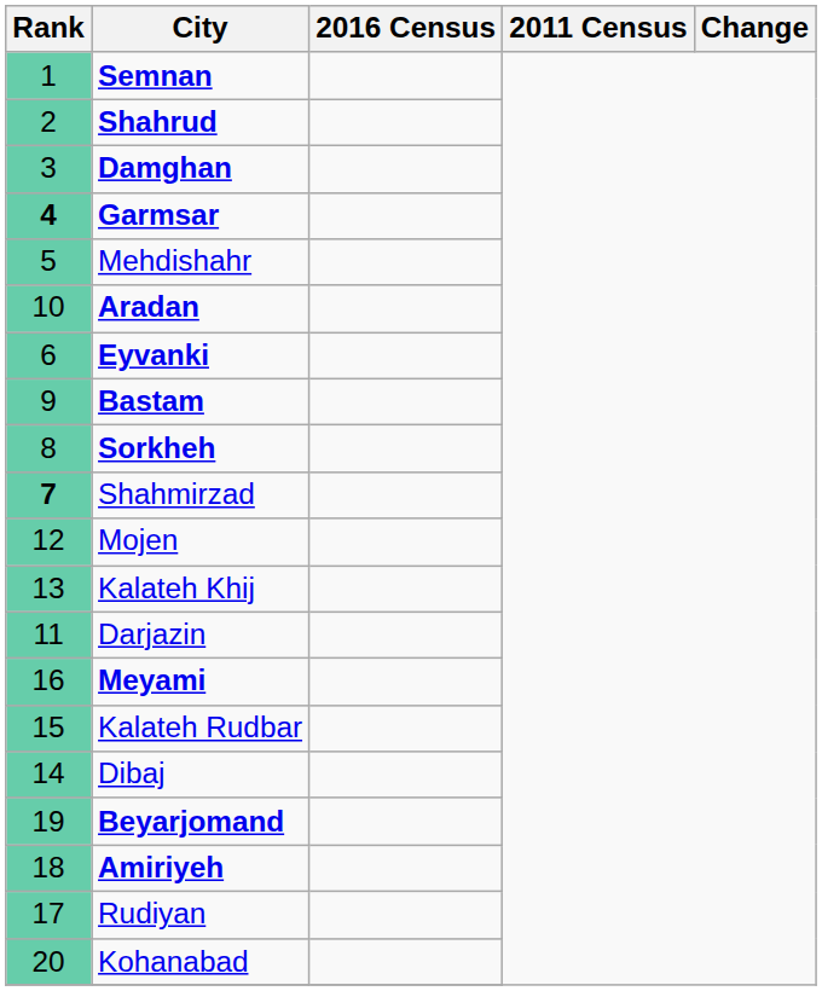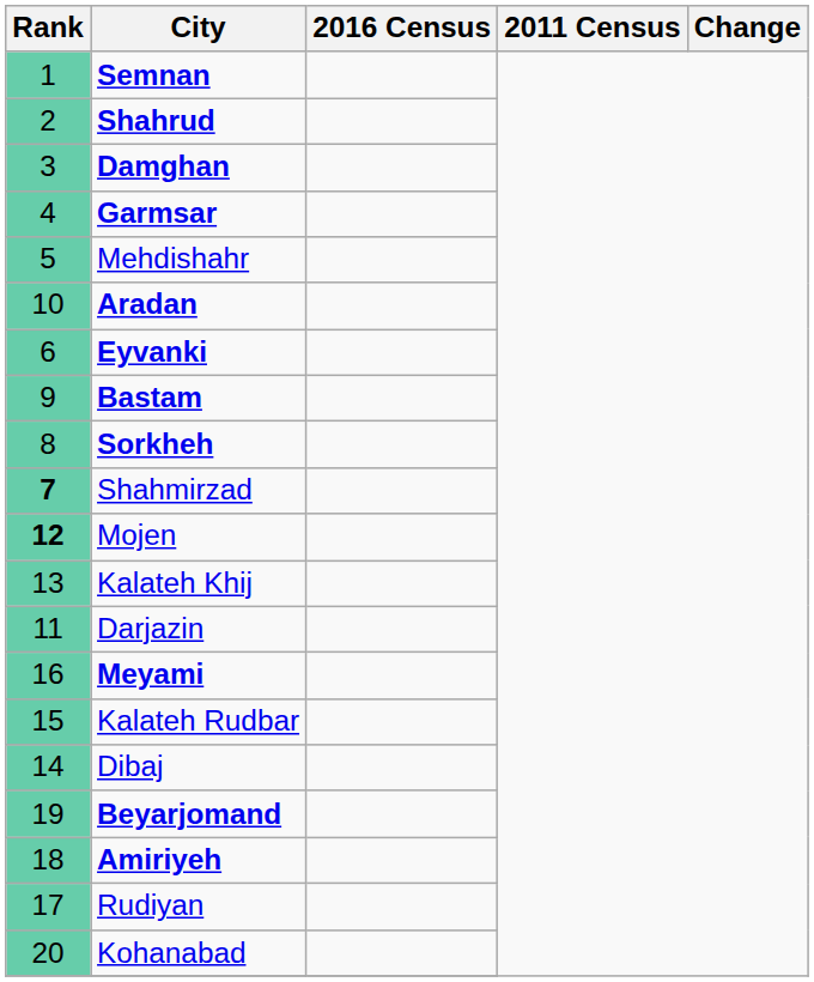 <table class="wikitable sortable">
 <tr>
 <th>Rank</th>
 <th>City</th>
 <th>2016 Census</th>
 <th>2011 Census</th>
 <th>Change</th>
 </tr>
 <tr>
 <td align=center bgcolor="66CDAA">1</td>
 <td><strong><a href='#'>Semnan</a></strong></td>
 <td></td>
 </tr>
 <tr>
 <td align=center bgcolor="66CDAA">2</td>
 <td><strong><a href='#'>Shahrud</a></strong></td>
 <td></td>
 </tr>
 <tr>
 <td align=center bgcolor="66CDAA">3</td>
 <td><strong><a href='#'>Damghan</a></strong></td>
 <td></td>
 </tr>
 <tr>
-<td align=center bgcolor="66CDAA"><strong>4</strong></td>
+<td align=center bgcolor="66CDAA">4</td>
 <td><strong><a href='#'>Garmsar</a></strong></td>
 <td></td>
 </tr>
 <tr>
 <td align=center bgcolor="66CDAA">5</td>
 <td><a href='#'>Mehdishahr</a></td>
 <td></td>
 </tr>
 <tr>
 <td align=center bgcolor="66CDAA">10</td>
 <td><strong><a href='#'>Aradan</a></strong></td>
 <td></td>
 </tr>
 <tr>
 <td align=center bgcolor="66CDAA">6</td>
 <td><strong><a href='#'>Eyvanki</a></strong></td>
 <td></td>
 </tr>
 <tr>
 <td align=center bgcolor="66CDAA">9</td>
 <td><strong><a href='#'>Bastam</a></strong></td>
 <td></td>
 </tr>
 <tr>
 <td align=center bgcolor="66CDAA">8</td>
 <td><strong><a href='#'>Sorkheh</a></strong></td>
 <td></td>
 </tr>
 <tr>
 <td align=center bgcolor="66CDAA"><strong>7</strong></td>
 <td><a href='#'>Shahmirzad</a></td>
 <td></td>
 </tr>
 <tr>
-<td align=center bgcolor="66CDAA">12</td>
+<td align=center bgcolor="66CDAA"><strong>12</strong></td>
 <td><a href='#'>Mojen</a></td>
 <td></td>
 </tr>
 <tr>
 <td align=center bgcolor="66CDAA">13</td>
 <td><a href='#'>Kalateh Khij</a></td>
 <td></td>
 </tr>
 <tr>
 <td align=center bgcolor="66CDAA">11</td>
 <td><a href='#'>Darjazin</a></td>
 <td></td>
 </tr>
 <tr>
 <td align=center bgcolor="66CDAA">16</td>
 <td><strong><a href='#'>Meyami</a></strong></td>
 <td></td>
 </tr>
 <tr>
 <td align=center bgcolor="66CDAA">15</td>
 <td><a href='#'>Kalateh Rudbar</a></td>
 <td></td>
 </tr>
 <tr>
 <td align=center bgcolor="66CDAA">14</td>
 <td><a href='#'>Dibaj</a></td>
 <td></td>
 </tr>
 <tr>
 <td align=center bgcolor="66CDAA">19</td>
 <td><strong><a href='#'>Beyarjomand</a></strong></td>
 <td></td>
 </tr>
 <tr>
 <td align=center bgcolor="66CDAA">18</td>
 <td><strong><a href='#'>Amiriyeh</a></strong></td>
 <td></td>
 </tr>
 <tr>
 <td align=center bgcolor="66CDAA">17</td>
 <td><a href='#'>Rudiyan</a></td>
 <td></td>
 </tr>
 <tr>
 <td align=center bgcolor="66CDAA">20</td>
 <td><a href='#'>Kohanabad</a></td>
 <td></td>
 </tr>
 <tr>
 </tr>
 </table>
